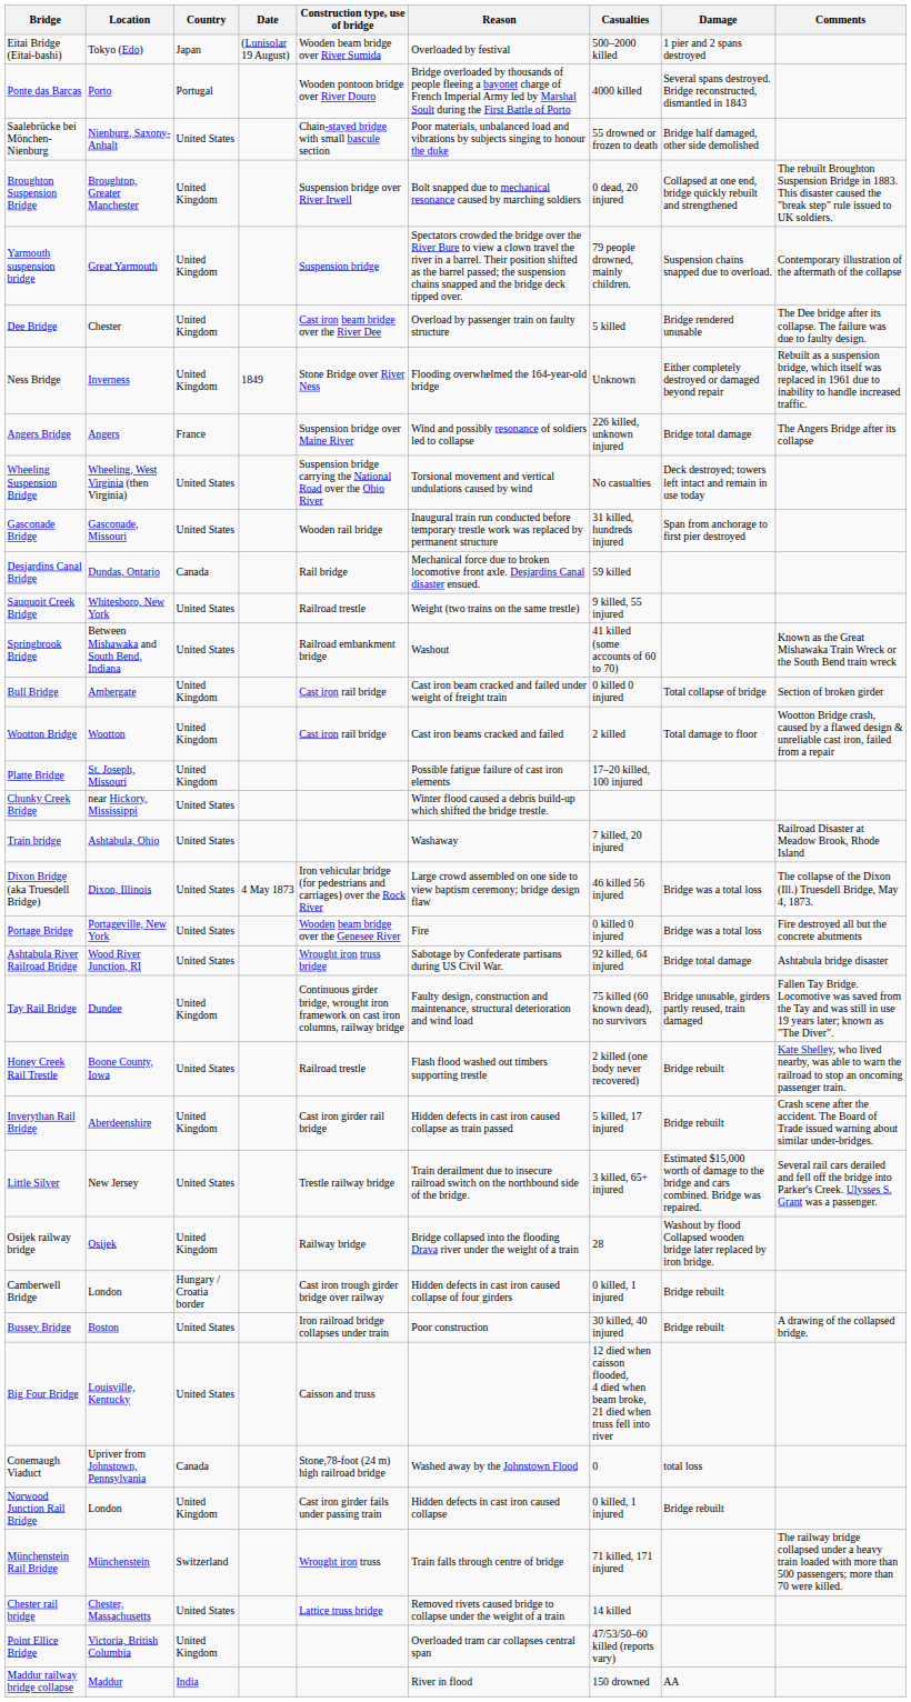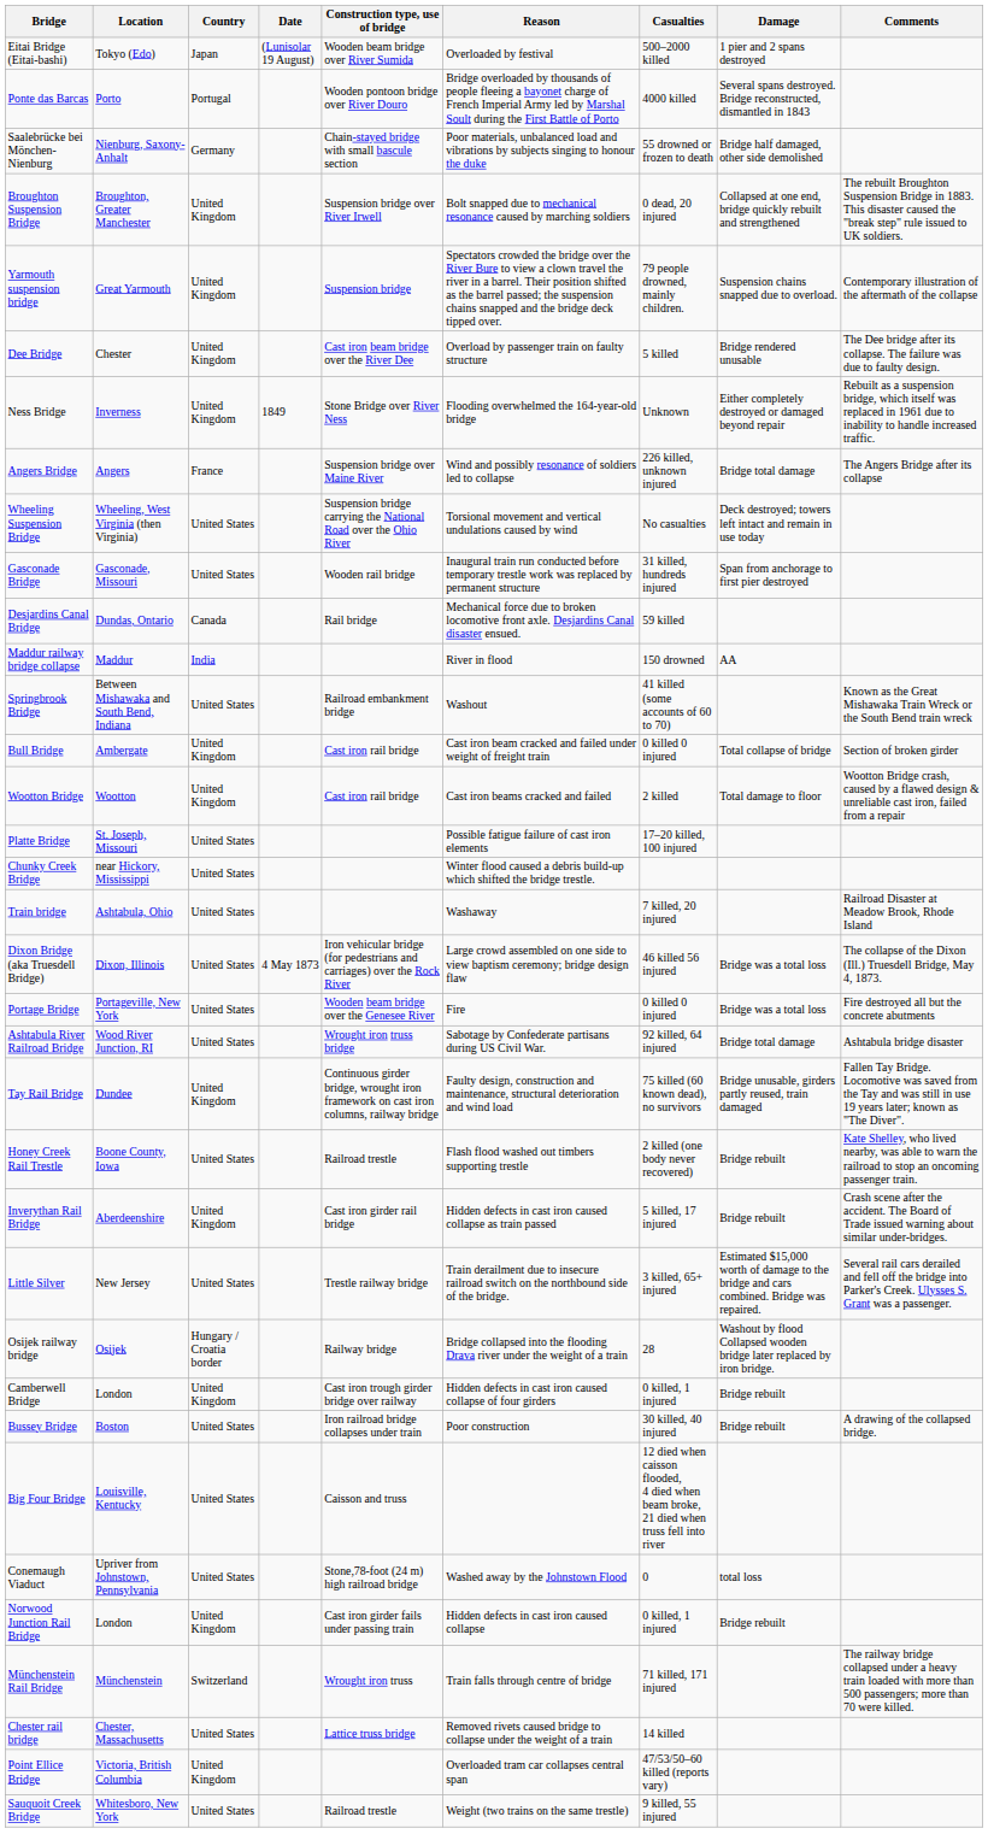 <table class="wikitable sortable sticky-header" style="font-size:94%;">
 <tr>
 <th>Bridge</th>
 <th>Location</th>
 <th>Country</th>
 <th>Date</th>
 <th>Construction type, use of bridge</th>
 <th>Reason</th>
 <th data-sort-type="number">Casualties</th>
 <th>Damage</th>
 <th>Comments</th>
 </tr>
 <tr>
 <td>Eitai Bridge (Eitai-bashi)</td>
 <td>Tokyo (<a href='#'>Edo</a>)</td>
 <td>Japan</td>
 <td> (<a href='#'>Lunisolar</a> 19 August)</td>
 <td>Wooden beam bridge over <a href='#'>River Sumida</a></td>
 <td>Overloaded by festival</td>
 <td>500–2000 killed</td>
 <td>1 pier and 2 spans destroyed</td>
 <td></td>
 </tr>
 <tr>
 <td><a href='#'>Ponte das Barcas</a></td>
 <td><a href='#'>Porto</a></td>
 <td>Portugal</td>
 <td></td>
 <td>Wooden pontoon bridge over <a href='#'>River Douro</a></td>
 <td>Bridge overloaded by thousands of people fleeing a <a href='#'>bayonet</a> charge of French Imperial Army led by <a href='#'>Marshal Soult</a> during the <a href='#'>First Battle of Porto</a></td>
 <td>4000 killed</td>
 <td>Several spans destroyed. Bridge reconstructed, dismantled in 1843</td>
 <td></td>
 </tr>
 <tr>
 <td>Saalebrücke bei Mönchen-Nienburg</td>
 <td><a href='#'>Nienburg, Saxony-Anhalt</a></td>
-<td>United States</td>
+<td>Germany</td>
 <td></td>
 <td>Chain<a href='#'>-stayed bridge</a> with small <a href='#'>bascule</a> section</td>
 <td>Poor materials, unbalanced load and vibrations by subjects singing to honour <a href='#'>the duke</a></td>
 <td>55 drowned or frozen to death</td>
 <td>Bridge half damaged, other side demolished</td>
 <td></td>
 </tr>
 <tr>
 <td><a href='#'>Broughton Suspension Bridge</a></td>
 <td><a href='#'>Broughton, Greater Manchester</a></td>
 <td>United Kingdom</td>
 <td></td>
 <td>Suspension bridge over <a href='#'>River Irwell</a></td>
 <td>Bolt snapped due to <a href='#'>mechanical resonance</a> caused by marching soldiers</td>
 <td>0 dead, 20 injured</td>
 <td>Collapsed at one end, bridge quickly rebuilt and strengthened</td>
 <td>The rebuilt Broughton Suspension Bridge in 1883. This disaster caused the "break step" rule issued to UK soldiers.</td>
 </tr>
 <tr>
 <td><a href='#'>Yarmouth suspension bridge</a></td>
 <td><a href='#'>Great Yarmouth</a></td>
 <td>United Kingdom</td>
 <td></td>
 <td><a href='#'>Suspension bridge</a></td>
 <td>Spectators crowded the bridge over the <a href='#'>River Bure</a> to view a clown travel the river in a barrel. Their position shifted as the barrel passed; the suspension chains snapped and the bridge deck tipped over.</td>
 <td>79 people drowned, mainly children.</td>
 <td>Suspension chains snapped due to overload.</td>
 <td>Contemporary illustration of the aftermath of the collapse</td>
 </tr>
 <tr>
 <td><a href='#'>Dee Bridge</a></td>
 <td>Chester</td>
 <td>United Kingdom</td>
 <td></td>
 <td><a href='#'>Cast iron</a> <a href='#'>beam bridge</a> over the <a href='#'>River Dee</a></td>
 <td>Overload by passenger train on faulty structure</td>
 <td>5 killed</td>
 <td>Bridge rendered unusable</td>
 <td>The Dee bridge after its collapse. The failure was due to faulty design.</td>
 </tr>
 <tr>
 <td>Ness Bridge</td>
 <td><a href='#'>Inverness</a></td>
 <td>United Kingdom</td>
 <td>1849</td>
 <td>Stone Bridge over <a href='#'>River Ness</a></td>
 <td>Flooding overwhelmed the 164-year-old bridge</td>
 <td>Unknown</td>
 <td>Either completely destroyed or damaged beyond repair</td>
 <td>Rebuilt as a suspension bridge, which itself was replaced in 1961 due to inability to handle increased traffic.</td>
 </tr>
 <tr>
 <td><a href='#'>Angers Bridge</a></td>
 <td><a href='#'>Angers</a></td>
 <td>France</td>
 <td></td>
 <td>Suspension bridge over <a href='#'>Maine River</a></td>
 <td>Wind and possibly <a href='#'>resonance</a> of soldiers led to collapse</td>
 <td>226 killed, unknown injured</td>
 <td>Bridge total damage</td>
 <td>The Angers Bridge after its collapse</td>
 </tr>
 <tr>
 <td><a href='#'>Wheeling Suspension Bridge</a></td>
 <td><a href='#'>Wheeling, West Virginia</a> (then Virginia)</td>
 <td>United States</td>
 <td></td>
 <td>Suspension bridge carrying the <a href='#'>National Road</a> over the <a href='#'>Ohio River</a></td>
 <td>Torsional movement and vertical undulations caused by wind</td>
 <td>No casualties</td>
 <td>Deck destroyed; towers left intact and remain in use today</td>
 <td></td>
 </tr>
 <tr>
 <td><a href='#'>Gasconade Bridge</a></td>
 <td><a href='#'>Gasconade, Missouri</a></td>
 <td>United States</td>
 <td></td>
 <td>Wooden rail bridge</td>
 <td>Inaugural train run conducted before temporary trestle work was replaced by permanent structure</td>
 <td>31 killed, hundreds injured</td>
 <td>Span from anchorage to first pier destroyed</td>
 <td></td>
 </tr>
 <tr>
 <td><a href='#'>Desjardins Canal Bridge</a></td>
 <td><a href='#'>Dundas, Ontario</a></td>
 <td>Canada</td>
 <td></td>
 <td>Rail bridge</td>
 <td>Mechanical force due to broken locomotive front axle. <a href='#'>Desjardins Canal disaster</a> ensued.</td>
 <td>59 killed</td>
 <td></td>
 <td></td>
 </tr>
 <tr>
-<td><a href='#'>Sauquoit Creek Bridge</a></td>
-<td><a href='#'>Whitesboro, New York</a></td>
-<td>United States</td>
+<td><a href='#'>Maddur railway bridge collapse</a></td>
+<td><a href='#'>Maddur</a></td>
+<td><a href='#'>India</a></td>
 <td></td>
-<td>Railroad trestle</td>
-<td>Weight (two trains on the same trestle)</td>
-<td>9 killed, 55 injured</td>
 <td></td>
+<td>River in flood</td>
+<td>150 drowned</td>
+<td>AA</td>
 <td></td>
 </tr>
 <tr>
 <td><a href='#'>Springbrook Bridge</a></td>
 <td>Between <a href='#'>Mishawaka</a> and <a href='#'>South Bend, Indiana</a></td>
 <td>United States</td>
 <td></td>
 <td>Railroad embankment bridge</td>
 <td>Washout</td>
 <td>41 killed (some accounts of 60 to 70)</td>
 <td></td>
 <td>Known as the Great Mishawaka Train Wreck or the South Bend train wreck</td>
 </tr>
 <tr>
 <td><a href='#'>Bull Bridge</a></td>
 <td><a href='#'>Ambergate</a></td>
 <td>United Kingdom</td>
 <td></td>
 <td><a href='#'>Cast iron</a> rail bridge</td>
 <td>Cast iron beam cracked and failed under weight of freight train</td>
 <td>0 killed 0 injured</td>
 <td>Total collapse of bridge</td>
 <td>Section of broken girder</td>
 </tr>
 <tr>
 <td><a href='#'>Wootton Bridge</a></td>
 <td><a href='#'>Wootton</a></td>
 <td>United Kingdom</td>
 <td></td>
 <td><a href='#'>Cast iron</a> rail bridge</td>
 <td>Cast iron beams cracked and failed</td>
 <td>2 killed</td>
 <td>Total damage to floor</td>
 <td>Wootton Bridge crash, caused by a flawed design & unreliable cast iron, failed from a repair</td>
 </tr>
 <tr>
 <td><a href='#'>Platte Bridge</a></td>
 <td><a href='#'>St. Joseph, Missouri</a></td>
-<td>United Kingdom</td>
+<td>United States</td>
 <td></td>
 <td></td>
 <td>Possible fatigue failure of cast iron elements</td>
 <td>17–20 killed, 100 injured</td>
 <td></td>
 <td></td>
 </tr>
 <tr>
 <td><a href='#'>Chunky Creek Bridge</a></td>
 <td>near <a href='#'>Hickory, Mississippi</a></td>
 <td>United States</td>
 <td></td>
 <td></td>
 <td>Winter flood caused a debris build-up which shifted the bridge trestle.</td>
 <td></td>
 <td></td>
 <td></td>
 </tr>
 <tr>
 <td><a href='#'>Train bridge</a></td>
 <td><a href='#'>Ashtabula, Ohio</a></td>
 <td>United States</td>
 <td></td>
 <td></td>
 <td>Washaway</td>
 <td>7 killed, 20 injured</td>
 <td></td>
 <td>Railroad Disaster at Meadow Brook, Rhode Island</td>
 </tr>
 <tr>
 <td><a href='#'>Dixon Bridge</a> (aka Truesdell Bridge)</td>
 <td><a href='#'>Dixon, Illinois</a></td>
 <td>United States</td>
 <td>4 May 1873</td>
 <td>Iron vehicular bridge (for pedestrians and carriages) over the <a href='#'>Rock River</a></td>
 <td>Large crowd assembled on one side to view baptism ceremony; bridge design flaw</td>
 <td>46 killed 56 injured</td>
 <td>Bridge was a total loss</td>
 <td>The collapse of the Dixon (Ill.) Truesdell Bridge, May 4, 1873.</td>
 </tr>
 <tr>
 <td><a href='#'>Portage Bridge</a></td>
 <td><a href='#'>Portageville, New York</a></td>
 <td>United States</td>
 <td></td>
 <td><a href='#'>Wooden</a> <a href='#'>beam bridge</a> over the <a href='#'>Genesee River</a></td>
 <td>Fire</td>
 <td>0 killed 0 injured</td>
 <td>Bridge was a total loss</td>
 <td>Fire destroyed all but the concrete abutments</td>
 </tr>
 <tr>
 <td><a href='#'>Ashtabula River Railroad Bridge</a></td>
 <td><a href='#'>Wood River Junction, RI</a></td>
 <td>United States</td>
 <td></td>
 <td><a href='#'>Wrought iron</a> <a href='#'>truss bridge</a></td>
 <td>Sabotage by Confederate partisans during US Civil War.</td>
 <td>92 killed, 64 injured</td>
 <td>Bridge total damage</td>
 <td>Ashtabula bridge disaster</td>
 </tr>
 <tr>
 <td><a href='#'>Tay Rail Bridge</a></td>
 <td><a href='#'>Dundee</a></td>
 <td>United Kingdom</td>
 <td></td>
 <td>Continuous girder bridge, wrought iron framework on cast iron columns, railway bridge</td>
 <td>Faulty design, construction and maintenance, structural deterioration and wind load</td>
 <td>75 killed (60 known dead), no survivors</td>
 <td>Bridge unusable, girders partly reused, train damaged</td>
 <td>Fallen Tay Bridge. Locomotive was saved from the Tay and was still in use 19 years later; known as "The Diver".</td>
 </tr>
 <tr>
 <td><a href='#'>Honey Creek Rail Trestle</a></td>
 <td><a href='#'>Boone County, Iowa</a></td>
 <td>United States</td>
 <td></td>
 <td>Railroad trestle</td>
 <td>Flash flood washed out timbers supporting trestle</td>
 <td>2 killed (one body never recovered)</td>
 <td>Bridge rebuilt</td>
 <td><a href='#'>Kate Shelley</a>, who lived nearby, was able to warn the railroad to stop an oncoming passenger train.</td>
 </tr>
 <tr>
 <td><a href='#'>Inverythan Rail Bridge</a></td>
 <td><a href='#'>Aberdeenshire</a></td>
 <td>United Kingdom</td>
 <td></td>
 <td>Cast iron girder rail bridge</td>
 <td>Hidden defects in cast iron caused collapse as train passed</td>
 <td>5 killed, 17 injured</td>
 <td>Bridge rebuilt</td>
 <td>Crash scene after the accident. The Board of Trade issued warning about similar under-bridges.</td>
 </tr>
 <tr>
 <td><a href='#'>Little Silver</a></td>
 <td>New Jersey</td>
 <td>United States</td>
 <td></td>
 <td>Trestle railway bridge</td>
 <td>Train derailment due to insecure railroad switch on the northbound side of the bridge.</td>
 <td>3 killed, 65+ injured</td>
 <td>Estimated $15,000 worth of damage to the bridge and cars combined. Bridge was repaired.</td>
 <td>Several rail cars derailed and fell off the bridge into Parker's Creek. <a href='#'>Ulysses S. Grant</a> was a passenger.</td>
 </tr>
 <tr>
 <td>Osijek railway bridge</td>
 <td><a href='#'>Osijek</a></td>
-<td>United Kingdom</td>
+<td>Hungary / Croatia border</td>
 <td></td>
 <td>Railway bridge</td>
 <td>Bridge collapsed into the flooding <a href='#'>Drava</a> river under the weight of a train</td>
 <td>28</td>
 <td>Washout by flood<br>Collapsed wooden bridge later replaced by iron bridge.</td>
 <td></td>
 </tr>
 <tr>
 <td>Camberwell Bridge</td>
 <td>London</td>
-<td>Hungary / Croatia border</td>
+<td>United Kingdom</td>
 <td></td>
 <td>Cast iron trough girder bridge over railway</td>
 <td>Hidden defects in cast iron caused collapse of four girders</td>
 <td>0 killed, 1 injured</td>
 <td>Bridge rebuilt</td>
 <td></td>
 </tr>
 <tr>
 <td><a href='#'>Bussey Bridge</a></td>
 <td><a href='#'>Boston</a></td>
 <td>United States</td>
 <td></td>
 <td>Iron railroad bridge collapses under train</td>
 <td>Poor construction</td>
 <td>30 killed, 40 injured</td>
 <td>Bridge rebuilt</td>
 <td>A drawing of the collapsed bridge.</td>
 </tr>
 <tr>
 <td><a href='#'>Big Four Bridge</a></td>
 <td><a href='#'>Louisville, Kentucky</a></td>
 <td>United States</td>
 <td></td>
 <td>Caisson and truss</td>
 <td></td>
 <td>12 died when caisson flooded,<br>4 died when beam broke, <br> 21 died when truss fell into river</td>
 <td></td>
 <td></td>
 </tr>
 <tr>
 <td>Conemaugh Viaduct</td>
 <td>Upriver from <a href='#'>Johnstown, Pennsylvania</a></td>
-<td>Canada</td>
+<td>United States</td>
 <td></td>
 <td>Stone,78-foot (24 m) high railroad bridge</td>
 <td>Washed away by the <a href='#'>Johnstown Flood</a></td>
 <td>0</td>
 <td>total loss</td>
 <td></td>
 </tr>
 <tr>
 <td><a href='#'>Norwood Junction Rail Bridge</a></td>
 <td>London</td>
 <td>United Kingdom</td>
 <td></td>
 <td>Cast iron girder fails under passing train</td>
 <td>Hidden defects in cast iron caused collapse</td>
 <td>0 killed, 1 injured</td>
 <td>Bridge rebuilt</td>
 <td></td>
 </tr>
 <tr>
 <td><a href='#'>Münchenstein Rail Bridge</a></td>
 <td><a href='#'>Münchenstein</a></td>
 <td>Switzerland</td>
 <td></td>
 <td><a href='#'>Wrought iron</a> truss</td>
 <td>Train falls through centre of bridge</td>
 <td>71 killed, 171 injured</td>
 <td></td>
 <td>The railway bridge collapsed under a heavy train loaded with more than 500 passengers; more than 70 were killed.</td>
 </tr>
 <tr>
 <td><a href='#'>Chester rail bridge</a></td>
 <td><a href='#'>Chester, Massachusetts</a></td>
 <td>United States</td>
 <td></td>
 <td><a href='#'>Lattice truss bridge</a></td>
 <td>Removed rivets caused bridge to collapse under the weight of a train</td>
 <td>14 killed</td>
 <td></td>
 <td></td>
 </tr>
 <tr>
 <td><a href='#'>Point Ellice Bridge</a></td>
 <td><a href='#'>Victoria, British Columbia</a></td>
 <td>United Kingdom</td>
 <td></td>
 <td></td>
 <td>Overloaded tram car collapses central span</td>
 <td>47/53/50–60 killed (reports vary)</td>
 <td></td>
 <td></td>
 </tr>
 <tr>
-<td><a href='#'>Maddur railway bridge collapse</a></td>
-<td><a href='#'>Maddur</a></td>
-<td><a href='#'>India</a></td>
+<td><a href='#'>Sauquoit Creek Bridge</a></td>
+<td><a href='#'>Whitesboro, New York</a></td>
+<td>United States</td>
 <td></td>
+<td>Railroad trestle</td>
+<td>Weight (two trains on the same trestle)</td>
+<td>9 killed, 55 injured</td>
 <td></td>
-<td>River in flood</td>
-<td>150 drowned</td>
-<td>AA</td>
 <td></td>
 </tr>
 </table>
